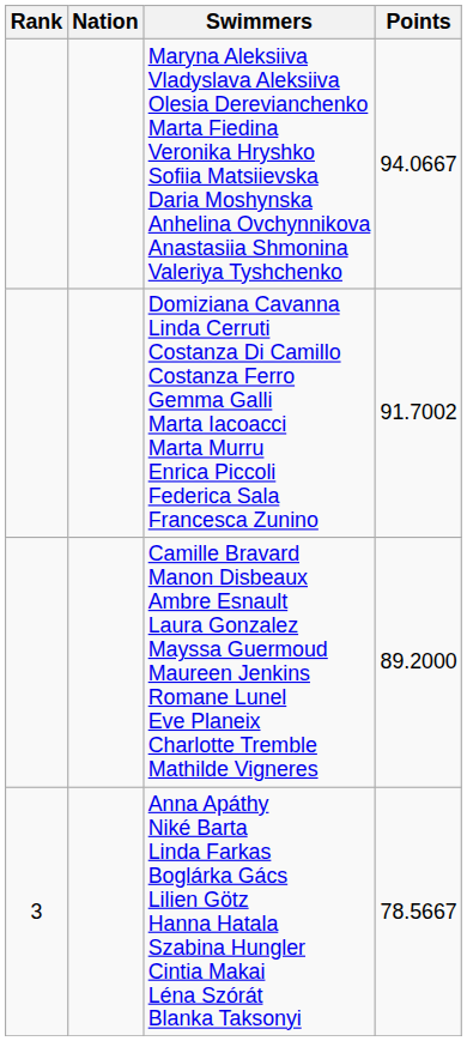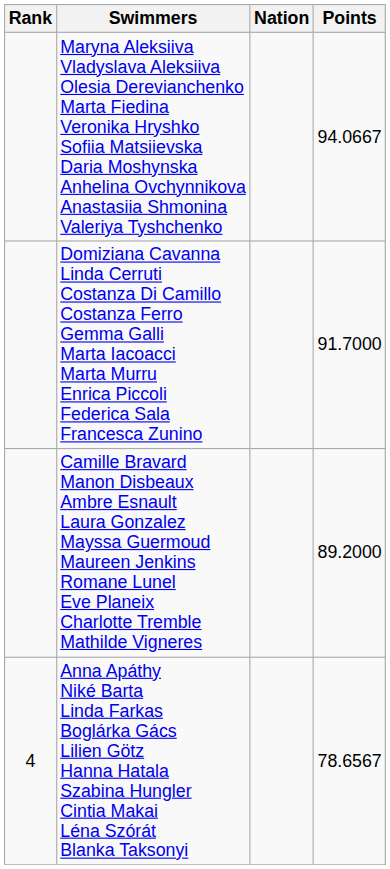 <table class="wikitable sortable" style="text-align:center">
 <tr>
 <th>Rank</th>
+<th class=unsortable>Swimmers</th>
 <th>Nation</th>
-<th class=unsortable>Swimmers</th>
 <th>Points</th>
 </tr>
 <tr>
 <td></td>
+<td align=left><a href='#'>Maryna Aleksiiva</a><br><a href='#'>Vladyslava Aleksiiva</a><br><a href='#'>Olesia Derevianchenko</a><br><a href='#'>Marta Fiedina</a><br><a href='#'>Veronika Hryshko</a><br><a href='#'>Sofiia Matsiievska</a><br><a href='#'>Daria Moshynska</a><br><a href='#'>Anhelina Ovchynnikova</a><br><a href='#'>Anastasiia Shmonina</a><br><a href='#'>Valeriya Tyshchenko</a></td>
 <td align=left></td>
-<td align=left><a href='#'>Maryna Aleksiiva</a><br><a href='#'>Vladyslava Aleksiiva</a><br><a href='#'>Olesia Derevianchenko</a><br><a href='#'>Marta Fiedina</a><br><a href='#'>Veronika Hryshko</a><br><a href='#'>Sofiia Matsiievska</a><br><a href='#'>Daria Moshynska</a><br><a href='#'>Anhelina Ovchynnikova</a><br><a href='#'>Anastasiia Shmonina</a><br><a href='#'>Valeriya Tyshchenko</a></td>
 <td>94.0667</td>
 </tr>
 <tr>
 <td></td>
+<td align=left><a href='#'>Domiziana Cavanna</a><br><a href='#'>Linda Cerruti</a><br><a href='#'>Costanza Di Camillo</a><br><a href='#'>Costanza Ferro</a><br><a href='#'>Gemma Galli</a><br><a href='#'>Marta Iacoacci</a><br><a href='#'>Marta Murru</a><br><a href='#'>Enrica Piccoli</a><br><a href='#'>Federica Sala</a><br><a href='#'>Francesca Zunino</a></td>
 <td align=left></td>
-<td align=left><a href='#'>Domiziana Cavanna</a><br><a href='#'>Linda Cerruti</a><br><a href='#'>Costanza Di Camillo</a><br><a href='#'>Costanza Ferro</a><br><a href='#'>Gemma Galli</a><br><a href='#'>Marta Iacoacci</a><br><a href='#'>Marta Murru</a><br><a href='#'>Enrica Piccoli</a><br><a href='#'>Federica Sala</a><br><a href='#'>Francesca Zunino</a></td>
-<td>91.7002</td>
+<td>91.7000</td>
 </tr>
 <tr>
 <td></td>
+<td align=left><a href='#'>Camille Bravard</a><br><a href='#'>Manon Disbeaux</a><br><a href='#'>Ambre Esnault</a><br><a href='#'>Laura Gonzalez</a><br><a href='#'>Mayssa Guermoud</a><br><a href='#'>Maureen Jenkins</a><br><a href='#'>Romane Lunel</a><br><a href='#'>Eve Planeix</a><br><a href='#'>Charlotte Tremble</a><br><a href='#'>Mathilde Vigneres</a></td>
 <td align=left></td>
-<td align=left><a href='#'>Camille Bravard</a><br><a href='#'>Manon Disbeaux</a><br><a href='#'>Ambre Esnault</a><br><a href='#'>Laura Gonzalez</a><br><a href='#'>Mayssa Guermoud</a><br><a href='#'>Maureen Jenkins</a><br><a href='#'>Romane Lunel</a><br><a href='#'>Eve Planeix</a><br><a href='#'>Charlotte Tremble</a><br><a href='#'>Mathilde Vigneres</a></td>
 <td>89.2000</td>
 </tr>
 <tr>
-<td>3</td>
+<td>4</td>
+<td align=left><a href='#'>Anna Apáthy</a><br><a href='#'>Niké Barta</a><br><a href='#'>Linda Farkas</a><br><a href='#'>Boglárka Gács</a><br><a href='#'>Lilien Götz</a><br><a href='#'>Hanna Hatala</a><br><a href='#'>Szabina Hungler</a><br><a href='#'>Cintia Makai</a><br><a href='#'>Léna Szórát</a><br><a href='#'>Blanka Taksonyi</a></td>
 <td align=left></td>
-<td align=left><a href='#'>Anna Apáthy</a><br><a href='#'>Niké Barta</a><br><a href='#'>Linda Farkas</a><br><a href='#'>Boglárka Gács</a><br><a href='#'>Lilien Götz</a><br><a href='#'>Hanna Hatala</a><br><a href='#'>Szabina Hungler</a><br><a href='#'>Cintia Makai</a><br><a href='#'>Léna Szórát</a><br><a href='#'>Blanka Taksonyi</a></td>
-<td>78.5667</td>
+<td>78.6567</td>
 </tr>
 </table>
